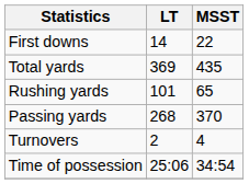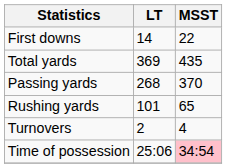 <table class="wikitable" style="float: left;">
 <tr>
 <th>Statistics</th>
 <th>LT</th>
 <th>MSST</th>
 </tr>
 <tr>
 <td>First downs</td>
 <td>14</td>
 <td>22</td>
 </tr>
 <tr>
 <td>Total yards</td>
 <td>369</td>
 <td>435</td>
 </tr>
 <tr>
+<td>Passing yards</td>
+<td>268</td>
+<td>370</td>
+</tr>
+<tr>
 <td>Rushing yards</td>
 <td>101</td>
 <td>65</td>
-</tr>
-<tr>
-<td>Passing yards</td>
-<td>268</td>
-<td>370</td>
 </tr>
 <tr>
 <td>Turnovers</td>
 <td>2</td>
 <td>4</td>
 </tr>
 <tr>
 <td>Time of possession</td>
 <td>25:06</td>
-<td>34:54</td>
+<td style="background: pink;">34:54</td>
 </tr>
 <tr>
 </tr>
 </table>
